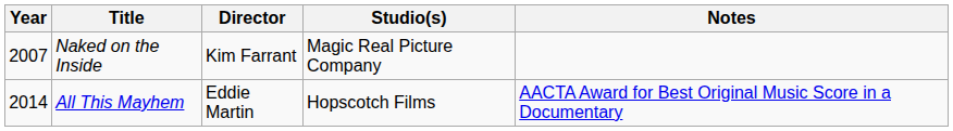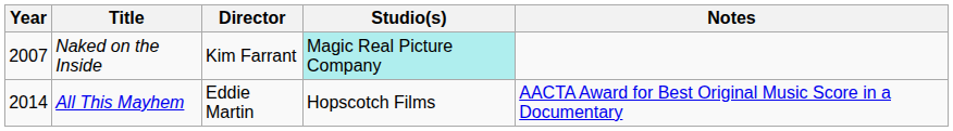 <table class="wikitable">
 <tr>
 <th>Year</th>
 <th>Title</th>
 <th>Director</th>
 <th>Studio(s)</th>
 <th>Notes</th>
 </tr>
 <tr>
 <td>2007</td>
 <td><em>Naked on the Inside</em></td>
 <td>Kim Farrant</td>
-<td>Magic Real Picture Company</td>
+<td style="background: paleturquoise;">Magic Real Picture Company</td>
 <td></td>
 </tr>
 <tr>
 <td>2014</td>
 <td><em><a href='#'>All This Mayhem</a></em></td>
 <td>Eddie Martin</td>
 <td>Hopscotch Films</td>
 <td><a href='#'>AACTA Award for Best Original Music Score in a Documentary</a></td>
 </tr>
 <tr>
 </tr>
 </table>
